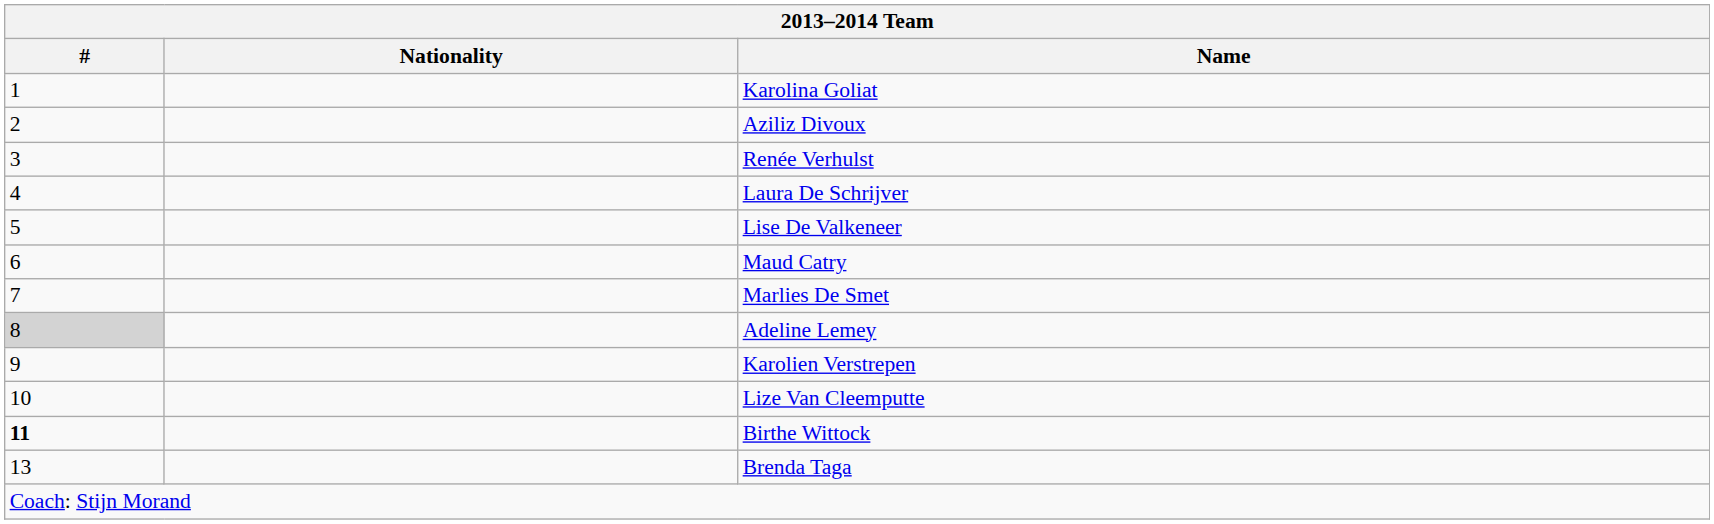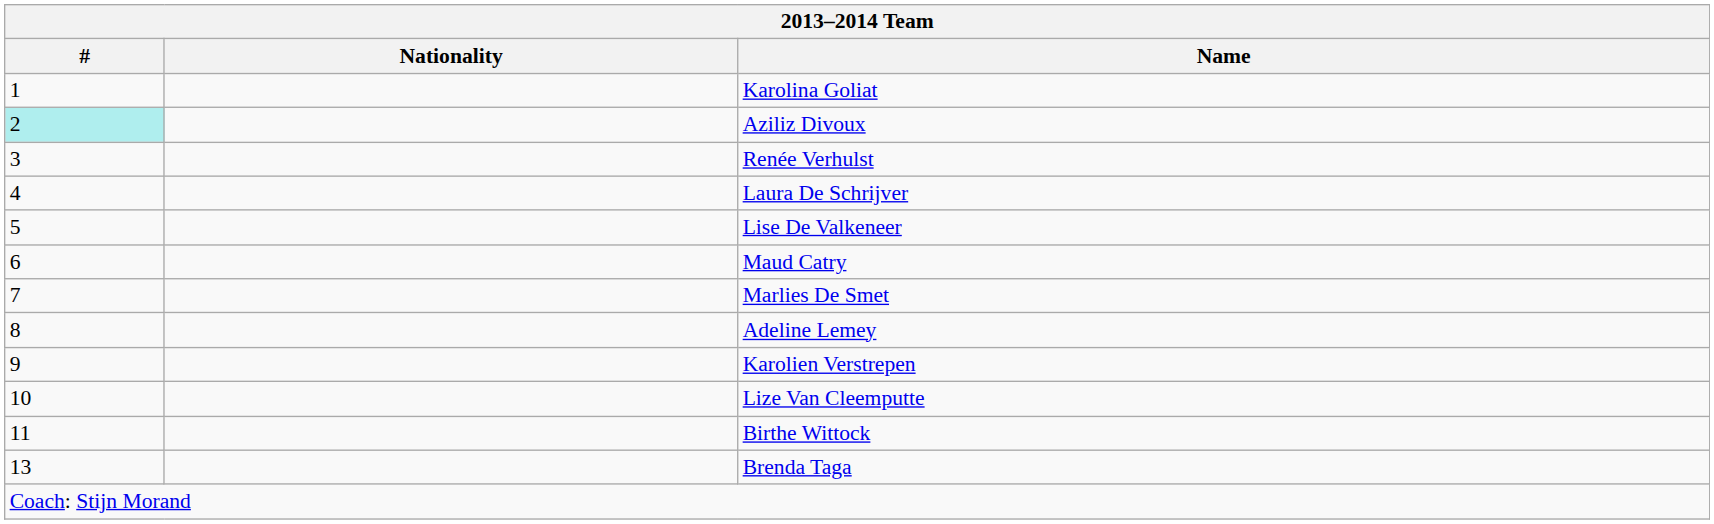 <table class="wikitable collapsible collapsed" style="width:100%;">
 <tr>
 <th colspan=3><strong>2013–2014 Team</strong></th>
 </tr>
 <tr>
 <th>#</th>
 <th>Nationality</th>
 <th>Name</th>
 </tr>
 <tr>
 <td>1</td>
 <td></td>
 <td><a href='#'>Karolina Goliat</a></td>
 </tr>
 <tr>
-<td>2</td>
+<td style="background: paleturquoise;">2</td>
 <td></td>
 <td><a href='#'>Aziliz Divoux</a></td>
 </tr>
 <tr>
 <td>3</td>
 <td></td>
 <td><a href='#'>Renée Verhulst</a></td>
 </tr>
 <tr>
 <td>4</td>
 <td></td>
 <td><a href='#'>Laura De Schrijver</a></td>
 </tr>
 <tr>
 <td>5</td>
 <td></td>
 <td><a href='#'>Lise De Valkeneer</a></td>
 </tr>
 <tr>
 <td>6</td>
 <td></td>
 <td><a href='#'>Maud Catry</a></td>
 </tr>
 <tr>
 <td>7</td>
 <td></td>
 <td><a href='#'>Marlies De Smet</a></td>
 </tr>
 <tr>
-<td style="background: lightgrey;">8</td>
+<td>8</td>
 <td></td>
 <td><a href='#'>Adeline Lemey</a></td>
 </tr>
 <tr>
 <td>9</td>
 <td></td>
 <td><a href='#'>Karolien Verstrepen</a></td>
 </tr>
 <tr>
 <td>10</td>
 <td></td>
 <td><a href='#'>Lize Van Cleemputte</a></td>
 </tr>
 <tr>
-<td><strong>11</strong></td>
+<td>11</td>
 <td></td>
 <td><a href='#'>Birthe Wittock</a></td>
 </tr>
 <tr>
 <td>13</td>
 <td></td>
 <td><a href='#'>Brenda Taga</a></td>
 </tr>
 <tr>
 <td colspan=3><a href='#'>Coach</a>:  <a href='#'>Stijn Morand</a></td>
 </tr>
 </table>
